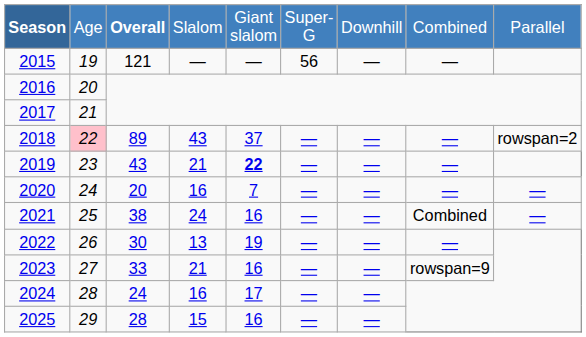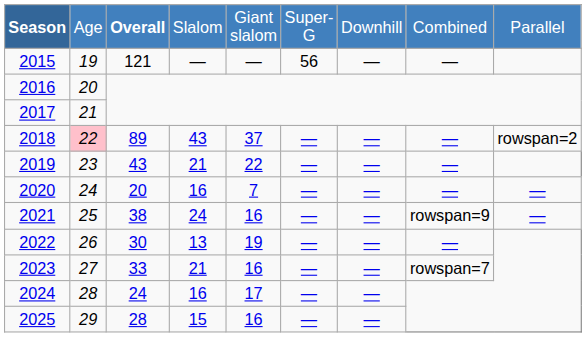 <table class="wikitable" style="font-size:95%; text-align:center; border:grey solid 1px; border-collapse:collapse;" width="40%">
 <tr style="background-color:#369; color:white;">
 <td rowspan="2" colspan="1" width="3%"><strong>Season</strong></td>
 </tr>
 <tr style="background-color:#4180be; color:white;">
 <td width="3%">Age</td>
 <td width="4%"><strong>Overall</strong></td>
 <td width="4%">Slalom</td>
 <td width="4%">Giant<br>slalom</td>
 <td width="4%">Super-G</td>
 <td width="4%">Downhill</td>
 <td width="4%">Combined</td>
 <td width="4%">Parallel</td>
 </tr>
 <tr style="background-color:#8CB2D8; color:white;">
 </tr>
 <tr>
 <td><a href='#'>2015</a></td>
 <td><em>19</em></td>
 <td>121</td>
 <td>—</td>
 <td>—</td>
 <td>56</td>
 <td>—</td>
 <td>—</td>
 <td></td>
 </tr>
 <tr>
 <td><a href='#'>2016</a></td>
 <td><em>20</em></td>
 <td rowspan=2 colspan=7></td>
 </tr>
 <tr>
 <td><a href='#'>2017</a></td>
 <td><em>21</em></td>
 </tr>
 <tr>
 <td><a href='#'>2018</a></td>
 <td style="background: pink;"><em>22</em></td>
 <td><a href='#'>89</a></td>
 <td><a href='#'>43</a></td>
 <td><a href='#'>37</a></td>
 <td><a href='#'>—</a></td>
 <td><a href='#'>—</a></td>
 <td><a href='#'>—</a></td>
 <td>rowspan=2 </td>
 </tr>
 <tr>
 <td><a href='#'>2019</a></td>
 <td><em>23</em></td>
 <td><a href='#'>43</a></td>
 <td><a href='#'>21</a></td>
-<td><strong><a href='#'>22</a></strong></td>
+<td><a href='#'>22</a></td>
 <td><a href='#'>—</a></td>
 <td><a href='#'>—</a></td>
 <td><a href='#'>—</a></td>
 </tr>
 <tr>
 <td><a href='#'>2020</a></td>
 <td><em>24</em></td>
 <td><a href='#'>20</a></td>
 <td><a href='#'>16</a></td>
 <td><a href='#'>7</a></td>
 <td><a href='#'>—</a></td>
 <td><a href='#'>—</a></td>
 <td><a href='#'>—</a></td>
 <td><a href='#'>—</a></td>
 </tr>
 <tr>
 <td><a href='#'>2021</a></td>
 <td><em>25</em></td>
 <td><a href='#'>38</a></td>
 <td><a href='#'>24</a></td>
 <td><a href='#'>16</a></td>
 <td><a href='#'>—</a></td>
 <td><a href='#'>—</a></td>
-<td width="4%">Combined</td>
+<td>rowspan=9 </td>
 <td><a href='#'>—</a></td>
 </tr>
 <tr>
 <td><a href='#'>2022</a></td>
 <td><em>26</em></td>
 <td><a href='#'>30</a></td>
 <td><a href='#'>13</a></td>
 <td><a href='#'>19</a></td>
 <td><a href='#'>—</a></td>
 <td><a href='#'>—</a></td>
 <td><a href='#'>—</a></td>
 </tr>
 <tr>
 <td><a href='#'>2023</a></td>
 <td><em>27</em></td>
 <td><a href='#'>33</a></td>
 <td><a href='#'>21</a></td>
 <td><a href='#'>16</a></td>
 <td><a href='#'>—</a></td>
 <td><a href='#'>—</a></td>
-<td>rowspan=9 </td>
+<td>rowspan=7 </td>
 </tr>
 <tr>
 <td><a href='#'>2024</a></td>
 <td><em>28</em></td>
 <td><a href='#'>24</a></td>
 <td><a href='#'>16</a></td>
 <td><a href='#'>17</a></td>
 <td><a href='#'>—</a></td>
 <td><a href='#'>—</a></td>
 </tr>
 <tr>
 <td><a href='#'>2025</a></td>
 <td><em>29</em></td>
 <td><a href='#'>28</a></td>
 <td><a href='#'>15</a></td>
 <td><a href='#'>16</a></td>
 <td><a href='#'>—</a></td>
 <td><a href='#'>—</a></td>
 </tr>
 </table>
